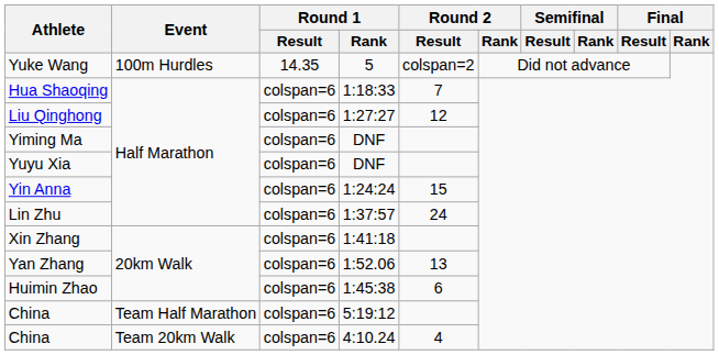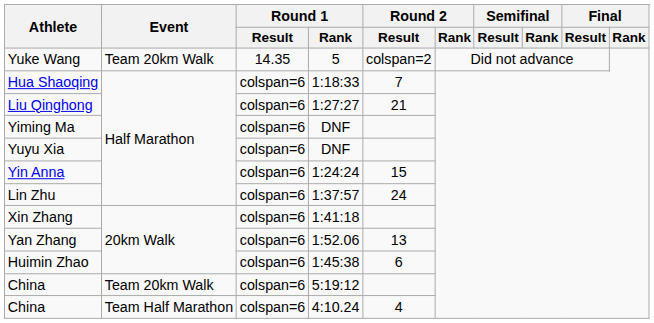 <table class="wikitable" style="font-size:90%">
 <tr>
 <th rowspan="2">Athlete</th>
 <th rowspan="2">Event</th>
 <th colspan="2">Round 1</th>
 <th colspan="2">Round 2</th>
 <th colspan="2">Semifinal</th>
 <th colspan="2">Final</th>
 </tr>
 <tr style="font-size:95%">
 <th>Result</th>
 <th>Rank</th>
 <th>Result</th>
 <th>Rank</th>
 <th>Result</th>
 <th>Rank</th>
 <th>Result</th>
 <th>Rank</th>
 </tr>
 <tr align=center>
 <td align=left>Yuke Wang</td>
-<td align=left>100m Hurdles</td>
+<td align=left>Team 20km Walk</td>
 <td>14.35</td>
 <td>5</td>
 <td>colspan=2 </td>
 <td colspan=4>Did not advance</td>
 </tr>
 <tr align=center>
 <td align=left><a href='#'>Hua Shaoqing</a></td>
 <td align=left rowspan=6>Half Marathon</td>
 <td>colspan=6 </td>
 <td>1:18:33</td>
 <td>7</td>
 </tr>
 <tr align=center>
 <td align=left><a href='#'>Liu Qinghong</a></td>
 <td>colspan=6 </td>
 <td>1:27:27</td>
-<td>12</td>
+<td>21</td>
 </tr>
 <tr align=center>
 <td align=left>Yiming Ma</td>
 <td>colspan=6 </td>
 <td>DNF</td>
 <td></td>
 </tr>
 <tr align=center>
 <td align=left>Yuyu Xia</td>
 <td>colspan=6 </td>
 <td>DNF</td>
 <td></td>
 </tr>
 <tr align=center>
 <td align=left><a href='#'>Yin Anna</a></td>
 <td>colspan=6 </td>
 <td>1:24:24</td>
 <td>15</td>
 </tr>
 <tr align=center>
 <td align=left>Lin Zhu</td>
 <td>colspan=6 </td>
 <td>1:37:57</td>
 <td>24</td>
 </tr>
 <tr align=center>
 <td align=left>Xin Zhang</td>
 <td align=left rowspan=3>20km Walk</td>
 <td>colspan=6 </td>
 <td>1:41:18</td>
 <td></td>
 </tr>
 <tr align=center>
 <td align=left>Yan Zhang</td>
 <td>colspan=6 </td>
 <td>1:52.06</td>
 <td>13</td>
 </tr>
 <tr align=center>
 <td align=left>Huimin Zhao</td>
 <td>colspan=6 </td>
 <td>1:45:38</td>
 <td>6</td>
 </tr>
 <tr align=center>
 <td align=left>China</td>
-<td align=left>Team Half Marathon</td>
+<td align=left>Team 20km Walk</td>
 <td>colspan=6 </td>
 <td>5:19:12</td>
 <td></td>
 </tr>
 <tr align=center>
 <td align=left>China</td>
-<td align=left>Team 20km Walk</td>
+<td align=left>Team Half Marathon</td>
 <td>colspan=6 </td>
 <td>4:10.24</td>
 <td>4</td>
 </tr>
 </table>
